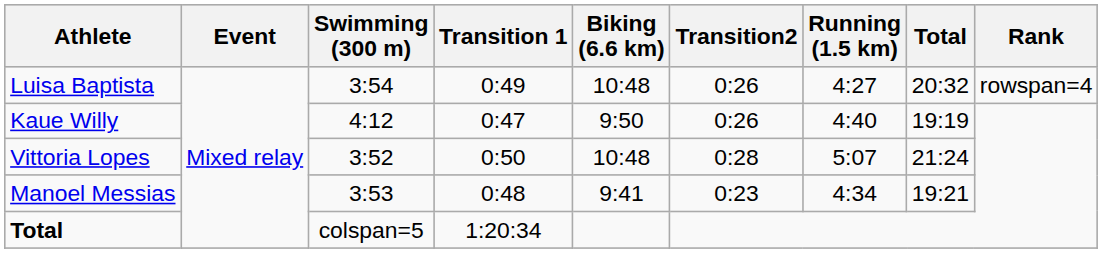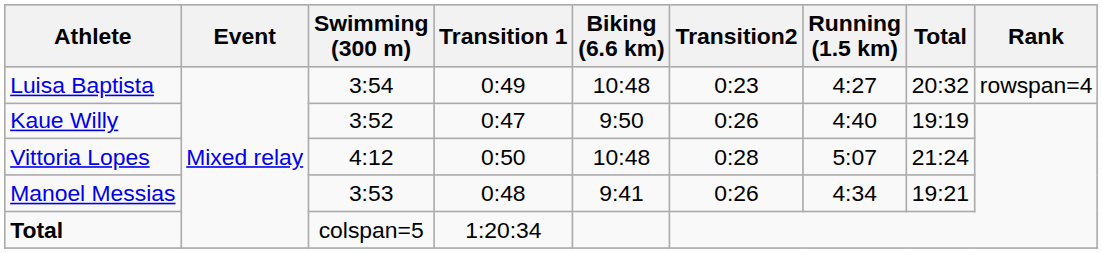 <table class=wikitable style=font-size:90%;text-align:center>
 <tr>
 <th>Athlete</th>
 <th>Event</th>
 <th>Swimming<br><span>(300 m)</span></th>
 <th>Transition 1</th>
 <th>Biking<br><span>(6.6 km)</span></th>
 <th>Transition2</th>
 <th>Running<br><span>(1.5 km)</span></th>
 <th>Total</th>
 <th>Rank</th>
 </tr>
 <tr>
 <td align=left><a href='#'>Luisa Baptista</a></td>
 <td align=left rowspan=5><a href='#'>Mixed relay</a></td>
 <td>3:54</td>
 <td>0:49</td>
 <td>10:48</td>
-<td>0:26</td>
+<td>0:23</td>
 <td>4:27</td>
 <td>20:32</td>
 <td>rowspan=4 </td>
 </tr>
 <tr>
 <td align=left><a href='#'>Kaue Willy</a></td>
-<td>4:12</td>
+<td>3:52</td>
 <td>0:47</td>
 <td>9:50</td>
 <td>0:26</td>
 <td>4:40</td>
 <td>19:19</td>
 </tr>
 <tr>
 <td align=left><a href='#'>Vittoria Lopes</a></td>
-<td>3:52</td>
+<td>4:12</td>
 <td>0:50</td>
 <td>10:48</td>
 <td>0:28</td>
 <td>5:07</td>
 <td>21:24</td>
 </tr>
 <tr>
 <td align=left><a href='#'>Manoel Messias</a></td>
 <td>3:53</td>
 <td>0:48</td>
 <td>9:41</td>
-<td>0:23</td>
+<td>0:26</td>
 <td>4:34</td>
 <td>19:21</td>
 </tr>
 <tr>
 <td align=left><strong>Total</strong></td>
 <td>colspan=5 </td>
 <td>1:20:34</td>
 <td></td>
 </tr>
 </table>
